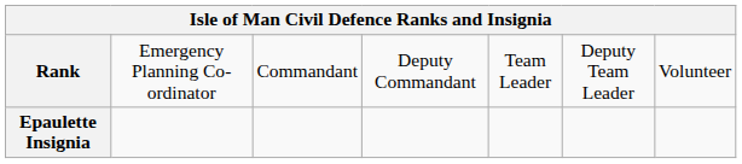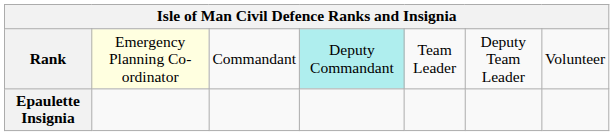 <table class="wikitable" width=100% style="text-align: center;">
 <tr>
 <th colspan=10>Isle of Man Civil Defence Ranks and Insignia</th>
 </tr>
 <tr>
 <th>Rank</th>
-<td>Emergency Planning Co-ordinator</td>
+<td style="background: lightyellow;">Emergency Planning Co-ordinator</td>
 <td>Commandant</td>
-<td>Deputy Commandant</td>
+<td style="background: paleturquoise;">Deputy Commandant</td>
 <td>Team Leader</td>
 <td>Deputy Team Leader</td>
 <td>Volunteer</td>
 </tr>
 <tr>
 <th>Epaulette Insignia</th>
 <td></td>
 <td></td>
 <td></td>
 <td></td>
 <td></td>
 <td></td>
 </tr>
 </table>
